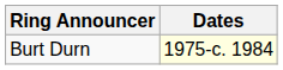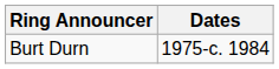 <table class="wikitable" style="font-size: 95%;">
 <tr>
 <th>Ring Announcer</th>
 <th>Dates</th>
 </tr>
 <tr>
 <td>Burt Durn</td>
-<td style="background: lightyellow;">1975-c. 1984</td>
+<td>1975-c. 1984</td>
 </tr>
 </table>
